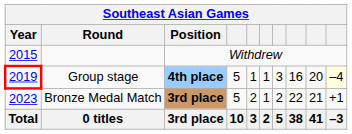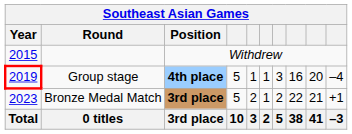 <table class="wikitable" style="text-align: center;">
 <tr>
 <th colspan=10><a href='#'>Southeast Asian Games</a></th>
 </tr>
 <tr>
 <th>Year</th>
 <th>Round</th>
 <th>Position</th>
 <th></th>
 <th></th>
 <th></th>
 <th></th>
 <th></th>
 <th></th>
 <th></th>
 </tr>
 <tr>
 <td> <a href='#'>2015</a></td>
 <td></td>
 <td colspan=10><em>Withdrew</em></td>
 </tr>
 <tr>
 <td style="border: 3px solid red"> <a href='#'>2019</a></td>
 <td>Group stage</td>
 <td bgcolor=#9acdff><strong>4th place</strong></td>
 <td>5</td>
 <td>1</td>
 <td>1</td>
 <td>3</td>
 <td>16</td>
 <td>20</td>
-<td style="background: lightyellow;">–4</td>
+<td>–4</td>
 </tr>
 <tr>
 <td> <a href='#'>2023</a></td>
 <td>Bronze Medal Match</td>
 <td bgcolor=cc9966><strong>3rd place</strong></td>
 <td>5</td>
 <td>2</td>
 <td>1</td>
 <td>2</td>
 <td>22</td>
 <td>21</td>
 <td>+1</td>
 </tr>
 <tr>
 <th>Total</th>
 <th>0 titles</th>
 <th>3rd place</th>
 <th>10</th>
 <th>3</th>
 <th>2</th>
 <th>5</th>
 <th>38</th>
 <th>41</th>
 <th>–3</th>
 </tr>
 </table>
